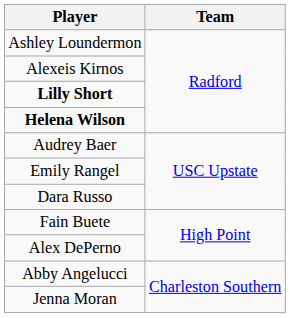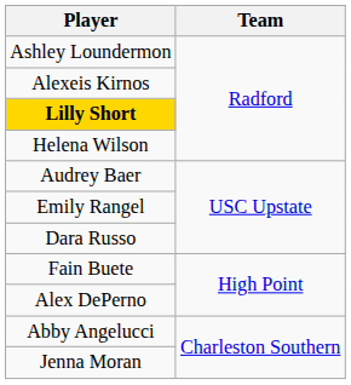 <table class="wikitable" style="text-align:center">
 <tr>
 <th>Player</th>
 <th>Team</th>
 </tr>
 <tr>
 <td>Ashley Loundermon</td>
 <td rowspan=4><a href='#'>Radford</a></td>
 </tr>
 <tr>
 <td>Alexeis Kirnos</td>
 </tr>
 <tr>
-<td><strong>Lilly Short</strong></td>
+<td style="background: gold;"><strong>Lilly Short</strong></td>
 </tr>
 <tr>
-<td><strong>Helena Wilson</strong></td>
+<td>Helena Wilson</td>
 </tr>
 <tr>
 <td>Audrey Baer</td>
 <td rowspan=3><a href='#'>USC Upstate</a></td>
 </tr>
 <tr>
 <td>Emily Rangel</td>
 </tr>
 <tr>
 <td>Dara Russo</td>
 </tr>
 <tr>
 <td>Fain Buete</td>
 <td rowspan=2><a href='#'>High Point</a></td>
 </tr>
 <tr>
 <td>Alex DePerno</td>
 </tr>
 <tr>
 <td>Abby Angelucci</td>
 <td rowspan=2><a href='#'>Charleston Southern</a></td>
 </tr>
 <tr>
 <td>Jenna Moran</td>
 </tr>
 </table>
